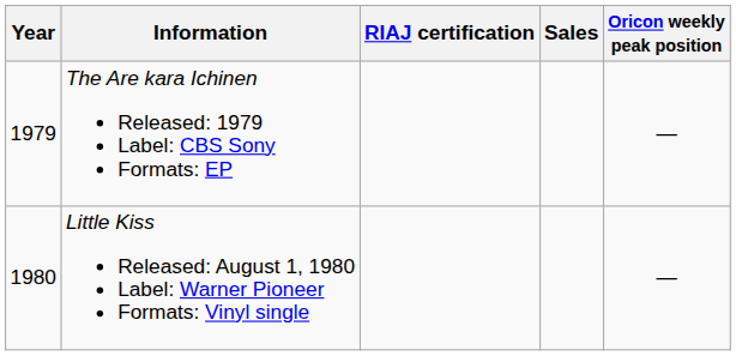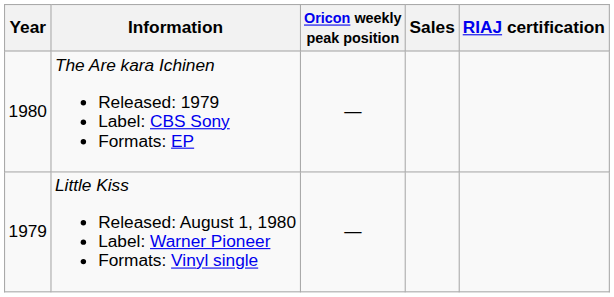 <table class="wikitable">
 <tr>
 <th>Year</th>
 <th>Information</th>
+<th><small><a href='#'>Oricon</a> weekly<br>peak position</small></th>
+<th>Sales<br></th>
 <th><a href='#'>RIAJ</a> certification</th>
-<th>Sales<br></th>
-<th><small><a href='#'>Oricon</a> weekly<br>peak position</small></th>
+</tr>
+<tr>
+<td>1980</td>
+<td><em>The Are kara Ichinen</em><br><ul><li>Released: 1979</li><li>Label: <a href='#'>CBS Sony</a></li><li>Formats: <a href='#'>EP</a></li></ul></td>
+<td style="text-align:center;">—</td>
+<td align="left"></td>
+<td align="left"></td>
 </tr>
 <tr>
 <td>1979</td>
-<td><em>The Are kara Ichinen</em><br><ul><li>Released: 1979</li><li>Label: <a href='#'>CBS Sony</a></li><li>Formats: <a href='#'>EP</a></li></ul></td>
+<td><em>Little Kiss</em><br><ul><li>Released: August 1, 1980</li><li>Label: <a href='#'>Warner Pioneer</a></li><li>Formats: <a href='#'>Vinyl single</a></li></ul></td>
+<td style="text-align:center;">—</td>
 <td align="left"></td>
 <td align="left"></td>
-<td style="text-align:center;">—</td>
-</tr>
-<tr>
-<td>1980</td>
-<td><em>Little Kiss</em><br><ul><li>Released: August 1, 1980</li><li>Label: <a href='#'>Warner Pioneer</a></li><li>Formats: <a href='#'>Vinyl single</a></li></ul></td>
-<td align="left"></td>
-<td align="left"></td>
-<td style="text-align:center;">—</td>
 </tr>
 </table>
